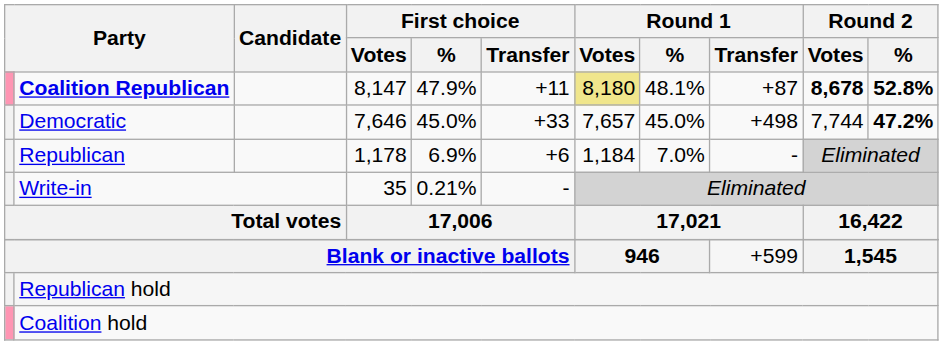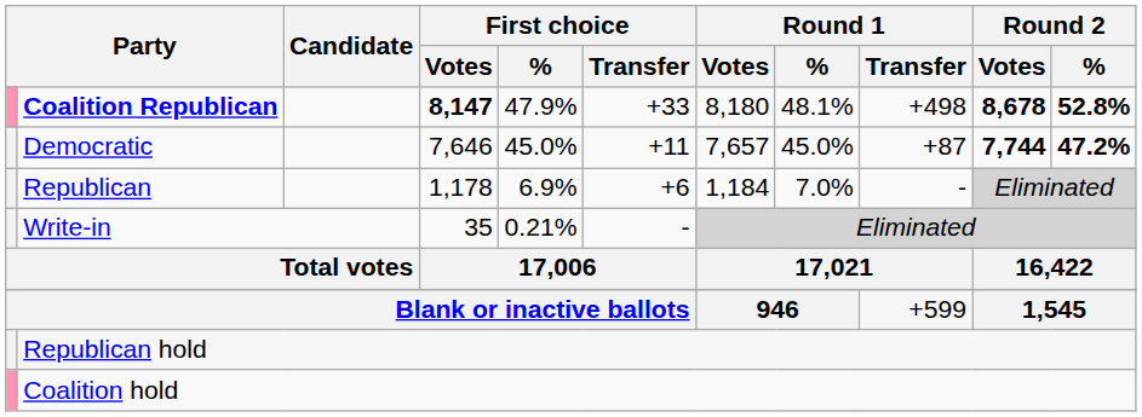 <table class="wikitable sortable" style="text-align:right">
 <tr>
 <th colspan=2 rowspan=2>Party</th>
 <th rowspan=2>Candidate</th>
 <th colspan=3>First choice</th>
 <th colspan=3>Round 1</th>
 <th colspan=3>Round 2</th>
 </tr>
 <tr>
 <th>Votes</th>
 <th>%</th>
 <th>Transfer</th>
 <th>Votes</th>
 <th>%</th>
 <th>Transfer</th>
 <th>Votes</th>
 <th>%</th>
 </tr>
 <tr>
 <th style="background-color:#ff95b3ff"></th>
 <td style="text-align:left"><strong><a href='#'>Coalition Republican</a></strong></td>
 <td style="text-align:left" scope="row"><strong></strong></td>
-<td>8,147</td>
+<td><strong>8,147</strong></td>
 <td>47.9%</td>
-<td>+11</td>
-<td style="background: khaki;">8,180</td>
+<td>+33</td>
+<td>8,180</td>
 <td>48.1%</td>
-<td>+87</td>
+<td>+498</td>
 <td><strong>8,678</strong></td>
 <td><strong>52.8%</strong></td>
 </tr>
 <tr>
 <th style="background-color:"></th>
 <td style="text-align:left"><a href='#'>Democratic</a></td>
 <td style="text-align:left" scope="row"></td>
 <td>7,646</td>
 <td>45.0%</td>
-<td>+33</td>
+<td>+11</td>
 <td>7,657</td>
 <td>45.0%</td>
-<td>+498</td>
-<td>7,744</td>
+<td>+87</td>
+<td><strong>7,744</strong></td>
 <td><strong>47.2%</strong></td>
 </tr>
 <tr>
 <th style="background-color:"></th>
 <td style="text-align:left"><a href='#'>Republican</a></td>
 <td style="text-align:left" scope="row"></td>
 <td>1,178</td>
 <td>6.9%</td>
 <td>+6</td>
 <td>1,184</td>
 <td>7.0%</td>
 <td>-</td>
 <td colspan="2"  style="background:lightgrey; text-align:center;"><em>Eliminated</em></td>
 </tr>
 <tr>
 <th style="background-color:"></th>
 <td style="text-align:left" colspan=2><a href='#'>Write-in</a></td>
 <td>35</td>
 <td>0.21%</td>
 <td>-</td>
 <td colspan="5"  style="background:lightgrey; text-align:center;"><em>Eliminated</em></td>
 </tr>
 <tr class="sortbottom" style="background-color:#F6F6F6">
 <th colspan=3 scope="row" style="text-align:right;"><strong>Total votes</strong></th>
 <th colspan=3><strong>17,006</strong></th>
 <th colspan=3><strong>17,021</strong></th>
 <th colspan=3><strong>16,422</strong></th>
 </tr>
 <tr class="sortbottom">
 </tr>
 <tr class="sortbottom" style="background-color:#F6F6F6">
 <th colspan=6 scope="row" style="text-align:right;"><a href='#'>Blank or inactive ballots</a></th>
 <th colspan=2>946</th>
 <td>+599</td>
 <th colspan=2>1,545</th>
 </tr>
 <tr class="sortbottom" style="background:#f6f6f6;">
 <th style="background-color:"></th>
 <td colspan="13" style="text-align:left"><a href='#'>Republican</a> hold</td>
 </tr>
 <tr>
 <th style="background-color:#ff95b3ff"></th>
 <td colspan="13" style="text-align:left"><a href='#'>Coalition</a> hold</td>
 </tr>
 </table>
